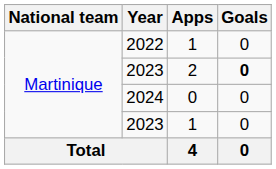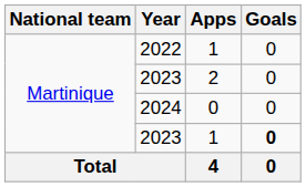 <table class="wikitable" style="text-align:center">
 <tr>
 <th>National team</th>
 <th>Year</th>
 <th>Apps</th>
 <th>Goals</th>
 </tr>
 <tr>
 <td rowspan="4"><a href='#'>Martinique</a></td>
 <td>2022</td>
 <td>1</td>
 <td>0</td>
 </tr>
 <tr>
 <td>2023</td>
 <td>2</td>
-<td><strong>0</strong></td>
+<td>0</td>
 </tr>
 <tr>
 <td>2024</td>
 <td>0</td>
 <td>0</td>
 </tr>
 <tr>
 <td>2023</td>
 <td>1</td>
-<td>0</td>
+<td><strong>0</strong></td>
 </tr>
 <tr>
 <th colspan=2>Total</th>
 <th>4</th>
 <th>0</th>
 </tr>
 </table>
